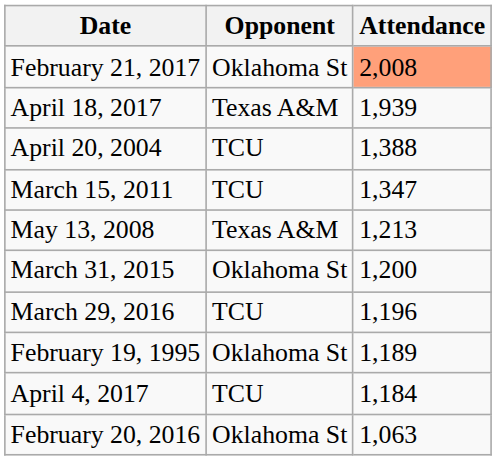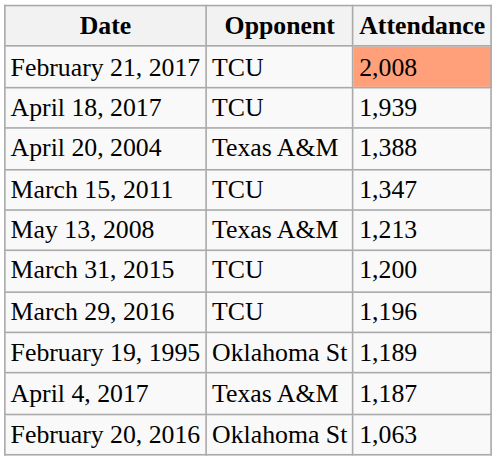 <table class="wikitable" style="float:right; clear:right; margin-left:1em">
 <tr>
 <th>Date</th>
 <th>Opponent</th>
 <th>Attendance</th>
 </tr>
 <tr>
 <td>February 21, 2017</td>
-<td>Oklahoma St</td>
+<td>TCU</td>
 <td style="background: lightsalmon;">2,008</td>
 </tr>
 <tr>
 <td>April 18, 2017</td>
-<td>Texas A&M</td>
+<td>TCU</td>
 <td>1,939</td>
 </tr>
 <tr>
 <td>April 20, 2004</td>
-<td>TCU</td>
+<td>Texas A&M</td>
 <td>1,388</td>
 </tr>
 <tr>
 <td>March 15, 2011</td>
 <td>TCU</td>
 <td>1,347</td>
 </tr>
 <tr>
 <td>May 13, 2008</td>
 <td>Texas A&M</td>
 <td>1,213</td>
 </tr>
 <tr>
 <td>March 31, 2015</td>
-<td>Oklahoma St</td>
+<td>TCU</td>
 <td>1,200</td>
 </tr>
 <tr>
 <td>March 29, 2016</td>
 <td>TCU</td>
 <td>1,196</td>
 </tr>
 <tr>
 <td>February 19, 1995</td>
 <td>Oklahoma St</td>
 <td>1,189</td>
 </tr>
 <tr>
 <td>April 4, 2017</td>
-<td>TCU</td>
-<td>1,184</td>
+<td>Texas A&M</td>
+<td>1,187</td>
 </tr>
 <tr>
 <td>February 20, 2016</td>
 <td>Oklahoma St</td>
 <td>1,063</td>
 </tr>
 </table>
